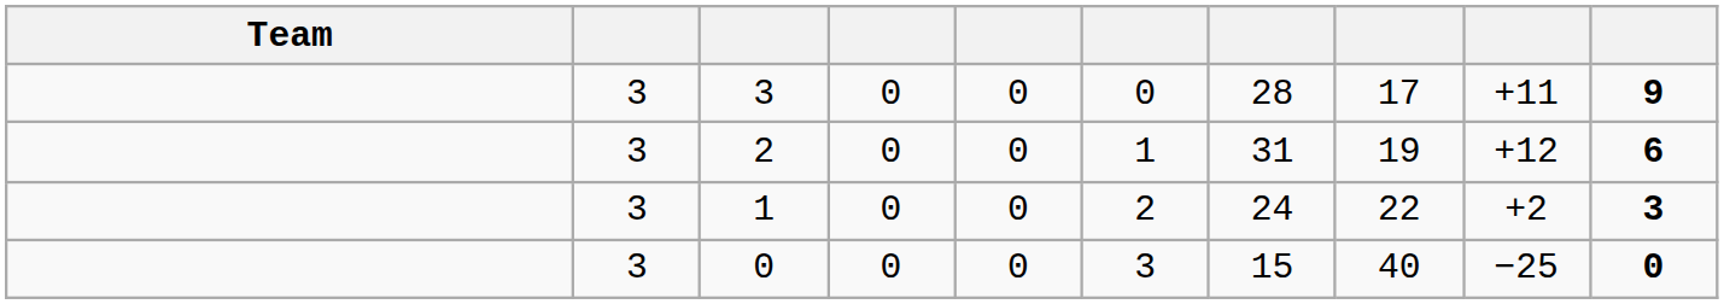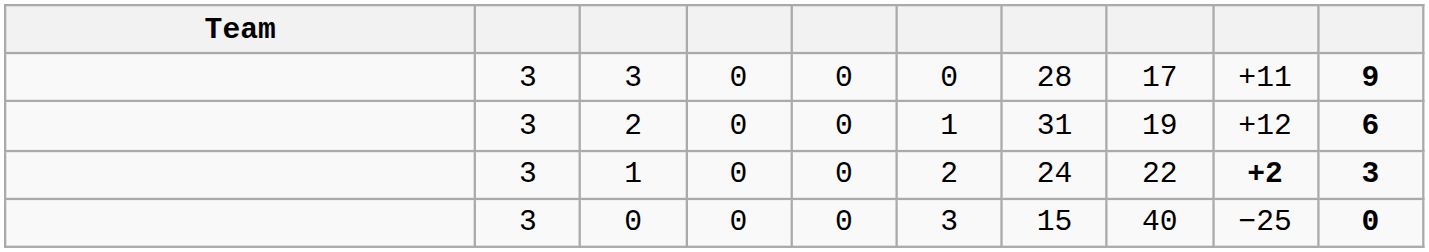 <table class=wikitable style="text-align:center">
 <tr>
 <th width=200>Team</th>
 <th width=40></th>
 <th width=40></th>
 <th width=40></th>
 <th width=40></th>
 <th width=40></th>
 <th width=40></th>
 <th width=40></th>
 <th width=40></th>
 <th width=40></th>
 </tr>
 <tr>
 <td align=left></td>
 <td>3</td>
 <td>3</td>
 <td>0</td>
 <td>0</td>
 <td>0</td>
 <td>28</td>
 <td>17</td>
 <td>+11</td>
 <td><strong>9</strong></td>
 </tr>
 <tr>
 <td align=left></td>
 <td>3</td>
 <td>2</td>
 <td>0</td>
 <td>0</td>
 <td>1</td>
 <td>31</td>
 <td>19</td>
 <td>+12</td>
 <td><strong>6</strong></td>
 </tr>
 <tr>
 <td align=left></td>
 <td>3</td>
 <td>1</td>
 <td>0</td>
 <td>0</td>
 <td>2</td>
 <td>24</td>
 <td>22</td>
-<td>+2</td>
+<td><strong>+2</strong></td>
 <td><strong>3</strong></td>
 </tr>
 <tr>
 <td align=left></td>
 <td>3</td>
 <td>0</td>
 <td>0</td>
 <td>0</td>
 <td>3</td>
 <td>15</td>
 <td>40</td>
 <td>−25</td>
 <td><strong>0</strong></td>
 </tr>
 </table>
